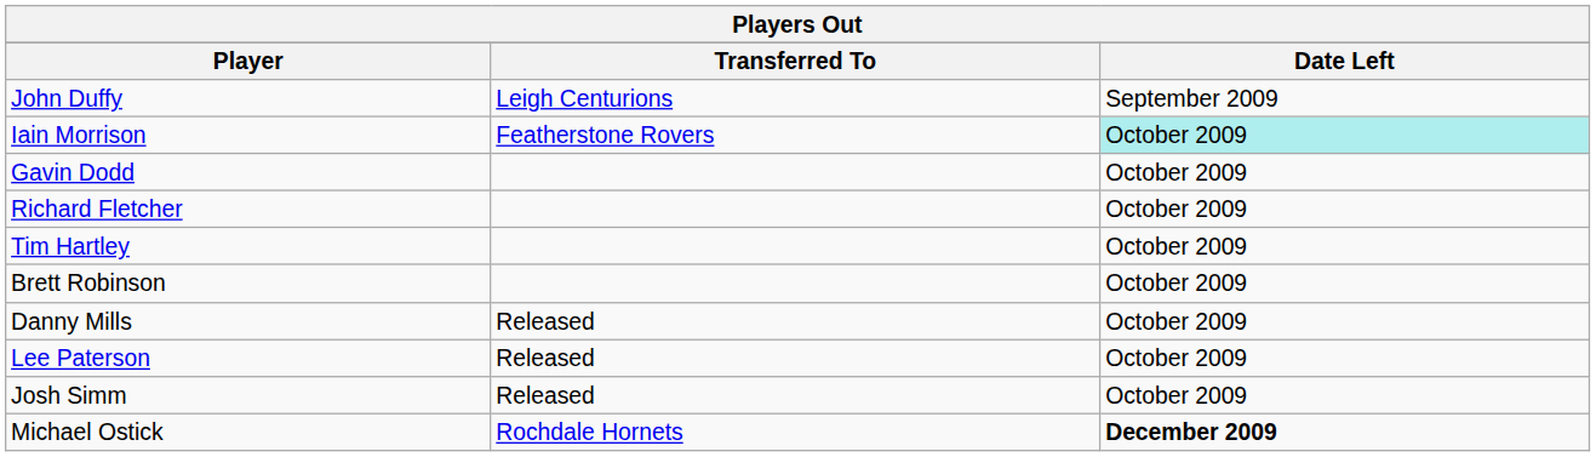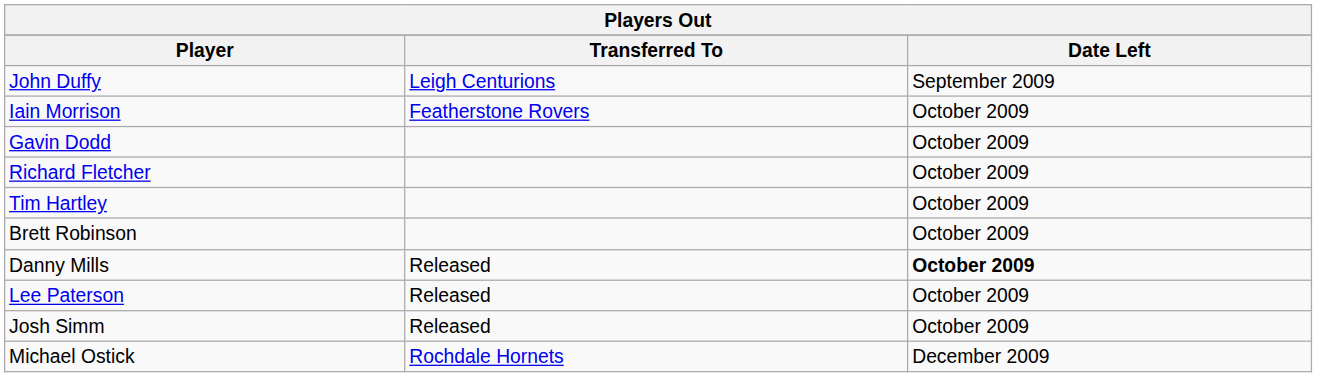 <table class="wikitable" width="65%" style="font-size:95%">
 <tr bgcolor="#efefef">
 <th colspan=4>Players Out</th>
 </tr>
 <tr bgcolor="#efefef">
 </tr>
 <tr>
 <th>Player</th>
 <th>Transferred To</th>
 <th>Date Left</th>
 </tr>
 <tr>
 <td><a href='#'>John Duffy</a></td>
 <td><a href='#'>Leigh Centurions</a></td>
 <td>September 2009</td>
 </tr>
 <tr>
 <td><a href='#'>Iain Morrison</a></td>
 <td><a href='#'>Featherstone Rovers</a></td>
-<td style="background: paleturquoise;">October 2009</td>
+<td>October 2009</td>
 </tr>
 <tr>
 <td><a href='#'>Gavin Dodd</a></td>
 <td></td>
 <td>October 2009</td>
 </tr>
 <tr>
 <td><a href='#'>Richard Fletcher</a></td>
 <td></td>
 <td>October 2009</td>
 </tr>
 <tr>
 <td><a href='#'>Tim Hartley</a></td>
 <td></td>
 <td>October 2009</td>
 </tr>
 <tr>
 <td>Brett Robinson</td>
 <td></td>
 <td>October 2009</td>
 </tr>
 <tr>
 <td>Danny Mills</td>
 <td>Released</td>
-<td>October 2009</td>
+<td><strong>October 2009</strong></td>
 </tr>
 <tr>
 <td><a href='#'>Lee Paterson</a></td>
 <td>Released</td>
 <td>October 2009</td>
 </tr>
 <tr>
 <td>Josh Simm</td>
 <td>Released</td>
 <td>October 2009</td>
 </tr>
 <tr>
 <td>Michael Ostick</td>
 <td><a href='#'>Rochdale Hornets</a></td>
-<td><strong>December 2009</strong></td>
+<td>December 2009</td>
 </tr>
 </table>
